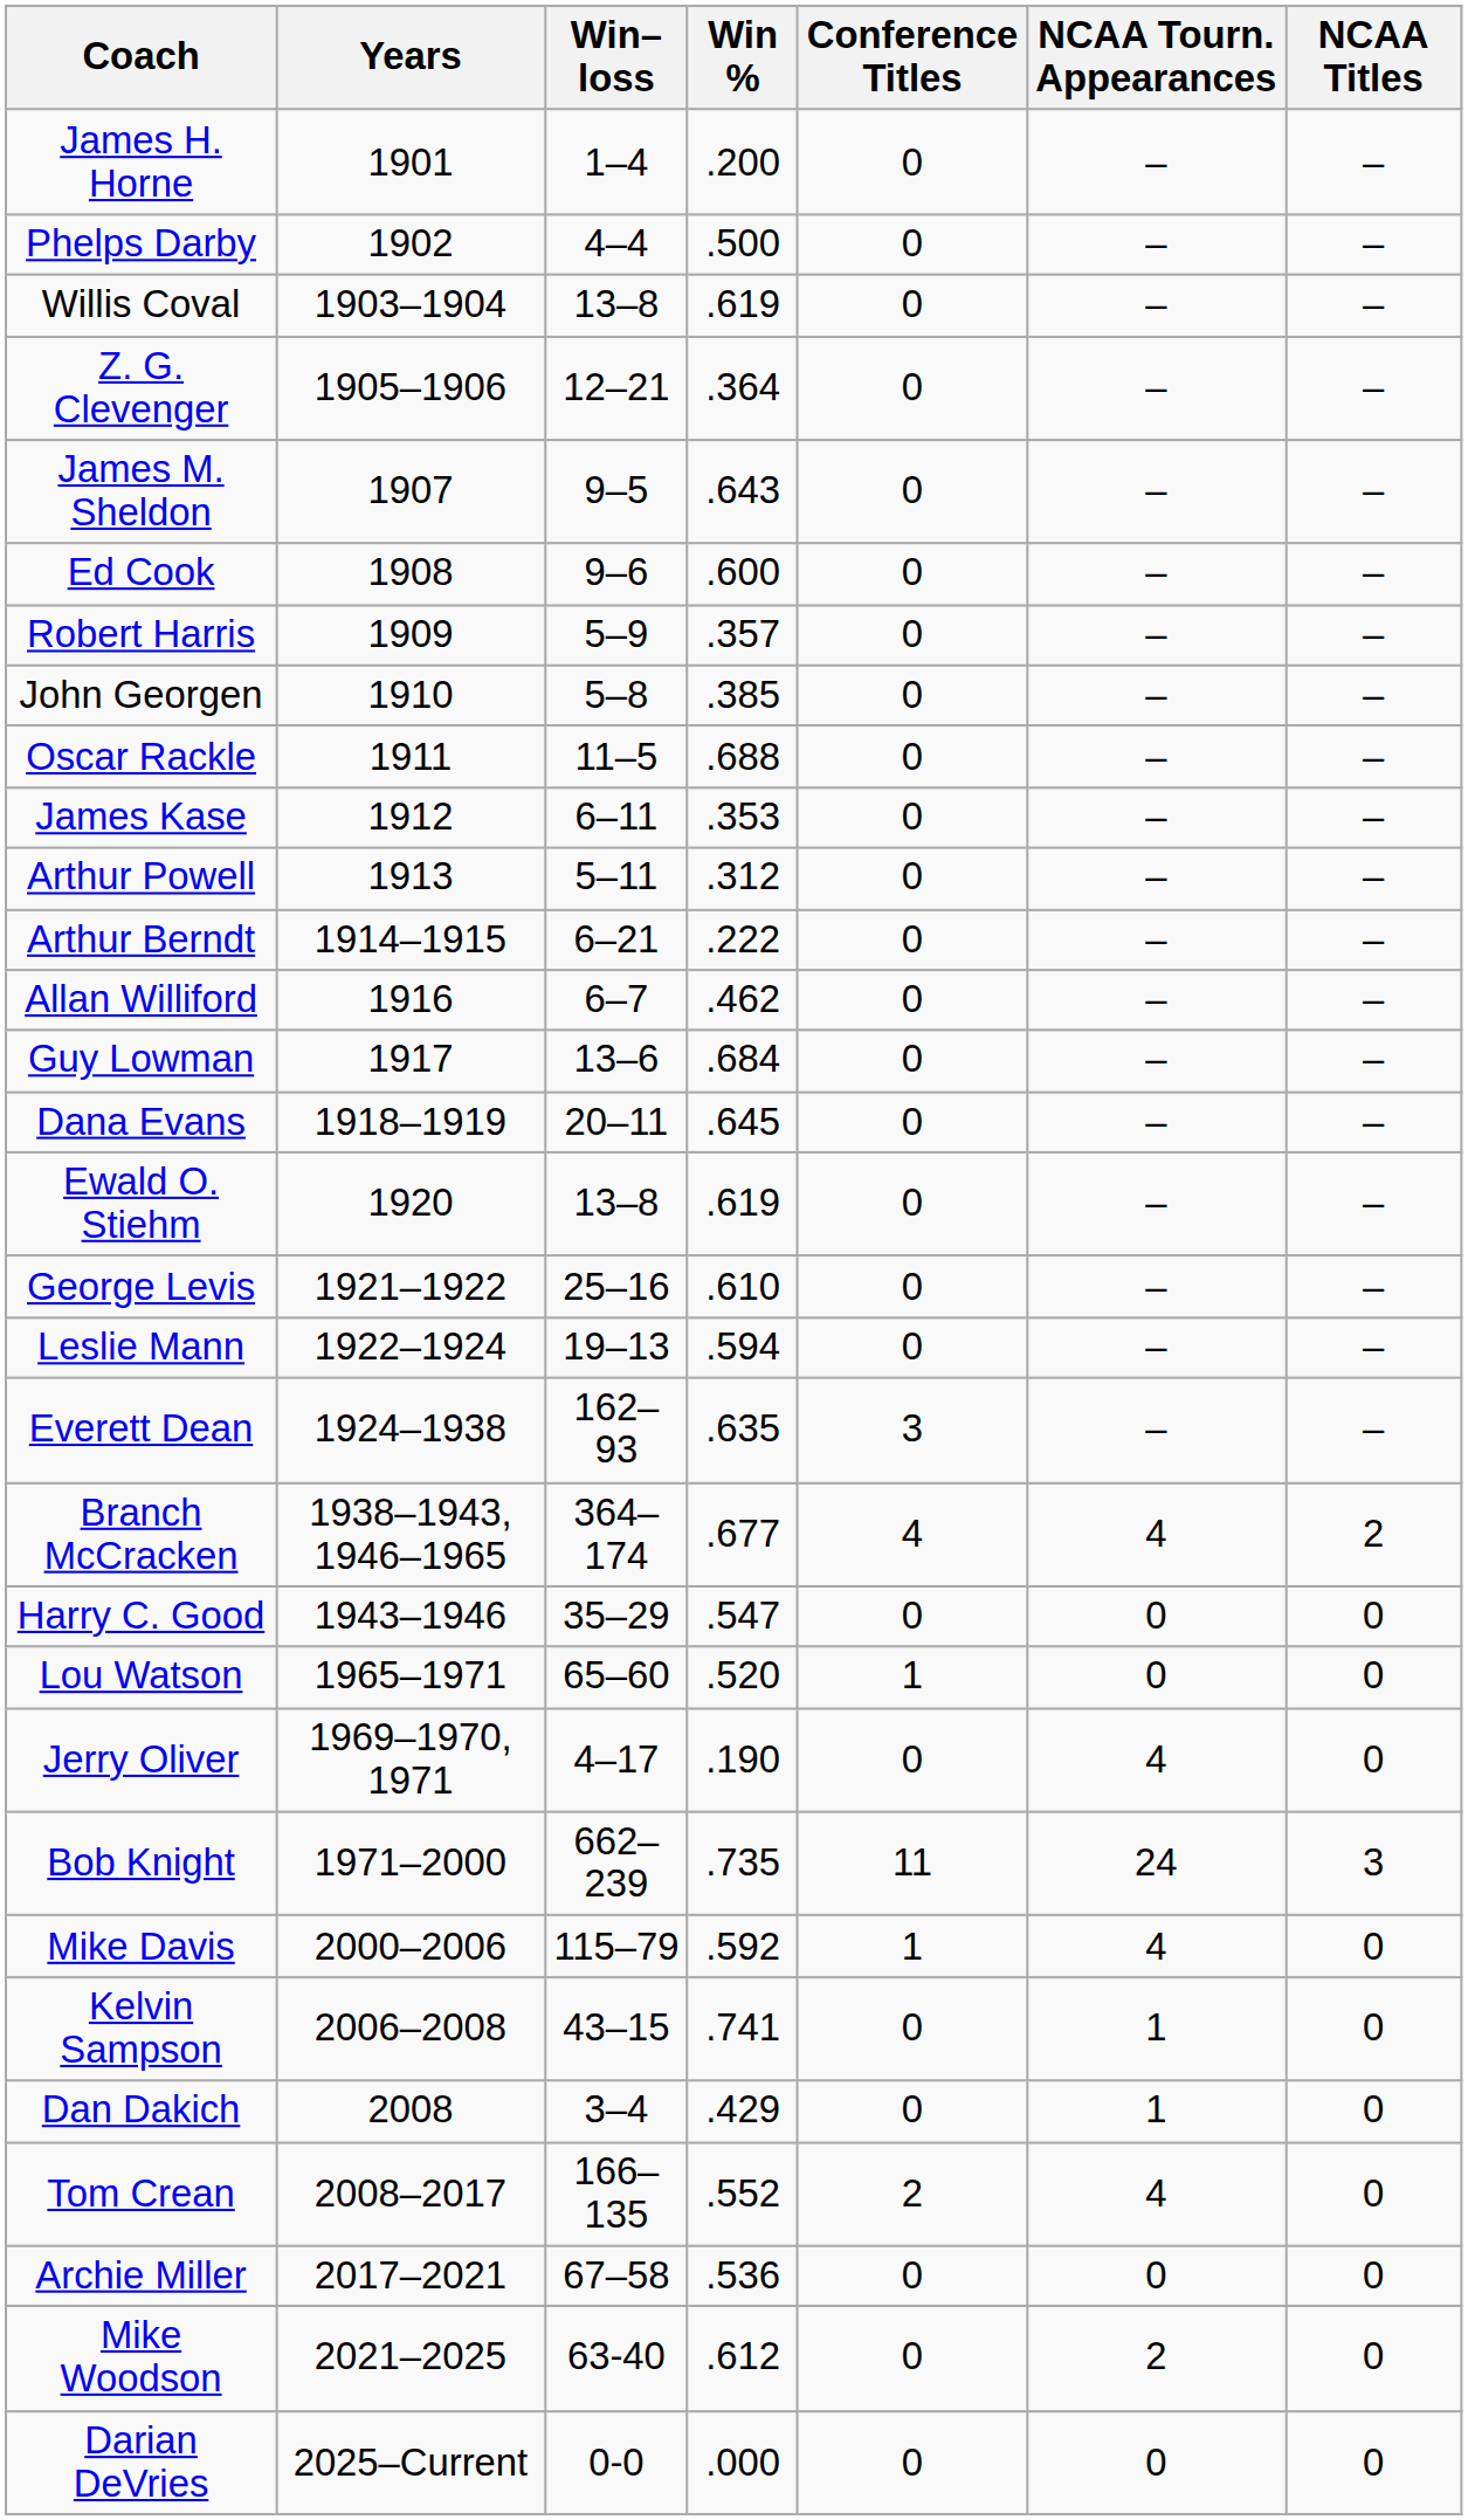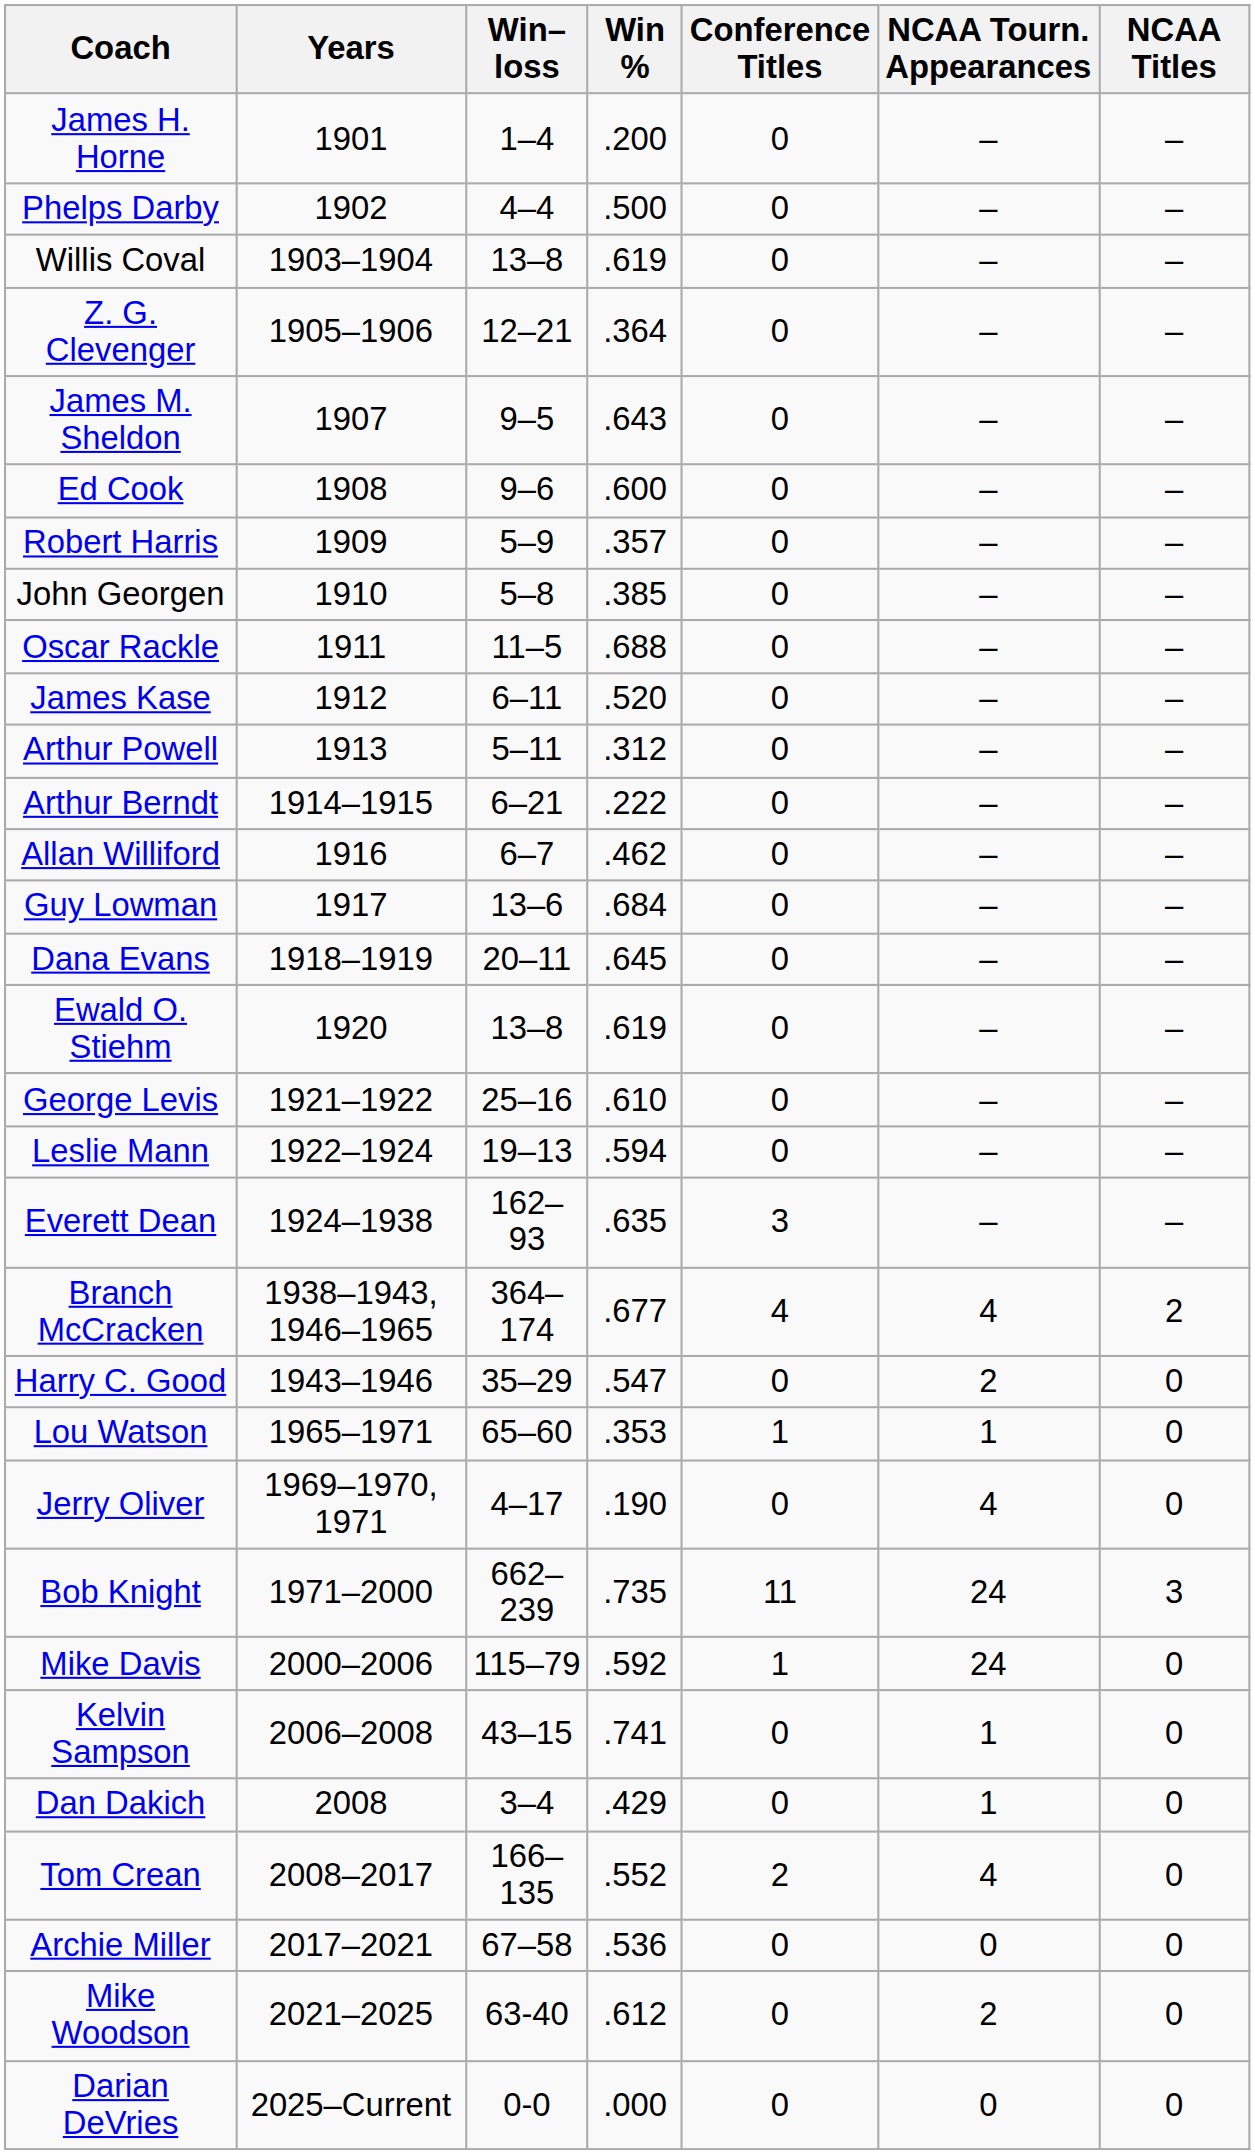 <table class="wikitable" style="text-align:center">
 <tr>
 <th>Coach</th>
 <th>Years</th>
 <th>Win–loss</th>
 <th>Win %</th>
 <th>Conference<br>Titles</th>
 <th>NCAA Tourn.<br>Appearances</th>
 <th>NCAA Titles</th>
 </tr>
 <tr>
 <td><a href='#'>James H. Horne</a></td>
 <td>1901</td>
 <td>1–4</td>
 <td>.200</td>
 <td>0</td>
 <td>–</td>
 <td>–</td>
 </tr>
 <tr>
 <td><a href='#'>Phelps Darby</a></td>
 <td>1902</td>
 <td>4–4</td>
 <td>.500</td>
 <td>0</td>
 <td>–</td>
 <td>–</td>
 </tr>
 <tr>
 <td>Willis Coval</td>
 <td>1903–1904</td>
 <td>13–8</td>
 <td>.619</td>
 <td>0</td>
 <td>–</td>
 <td>–</td>
 </tr>
 <tr>
 <td><a href='#'>Z. G. Clevenger</a></td>
 <td>1905–1906</td>
 <td>12–21</td>
 <td>.364</td>
 <td>0</td>
 <td>–</td>
 <td>–</td>
 </tr>
 <tr>
 <td><a href='#'>James M. Sheldon</a></td>
 <td>1907</td>
 <td>9–5</td>
 <td>.643</td>
 <td>0</td>
 <td>–</td>
 <td>–</td>
 </tr>
 <tr>
 <td><a href='#'>Ed Cook</a></td>
 <td>1908</td>
 <td>9–6</td>
 <td>.600</td>
 <td>0</td>
 <td>–</td>
 <td>–</td>
 </tr>
 <tr>
 <td><a href='#'>Robert Harris</a></td>
 <td>1909</td>
 <td>5–9</td>
 <td>.357</td>
 <td>0</td>
 <td>–</td>
 <td>–</td>
 </tr>
 <tr>
 <td>John Georgen</td>
 <td>1910</td>
 <td>5–8</td>
 <td>.385</td>
 <td>0</td>
 <td>–</td>
 <td>–</td>
 </tr>
 <tr>
 <td><a href='#'>Oscar Rackle</a></td>
 <td>1911</td>
 <td>11–5</td>
 <td>.688</td>
 <td>0</td>
 <td>–</td>
 <td>–</td>
 </tr>
 <tr>
 <td><a href='#'>James Kase</a></td>
 <td>1912</td>
 <td>6–11</td>
-<td>.353</td>
+<td>.520</td>
 <td>0</td>
 <td>–</td>
 <td>–</td>
 </tr>
 <tr>
 <td><a href='#'>Arthur Powell</a></td>
 <td>1913</td>
 <td>5–11</td>
 <td>.312</td>
 <td>0</td>
 <td>–</td>
 <td>–</td>
 </tr>
 <tr>
 <td><a href='#'>Arthur Berndt</a></td>
 <td>1914–1915</td>
 <td>6–21</td>
 <td>.222</td>
 <td>0</td>
 <td>–</td>
 <td>–</td>
 </tr>
 <tr>
 <td><a href='#'>Allan Williford</a></td>
 <td>1916</td>
 <td>6–7</td>
 <td>.462</td>
 <td>0</td>
 <td>–</td>
 <td>–</td>
 </tr>
 <tr>
 <td><a href='#'>Guy Lowman</a></td>
 <td>1917</td>
 <td>13–6</td>
 <td>.684</td>
 <td>0</td>
 <td>–</td>
 <td>–</td>
 </tr>
 <tr>
 <td><a href='#'>Dana Evans</a></td>
 <td>1918–1919</td>
 <td>20–11</td>
 <td>.645</td>
 <td>0</td>
 <td>–</td>
 <td>–</td>
 </tr>
 <tr>
 <td><a href='#'>Ewald O. Stiehm</a></td>
 <td>1920</td>
 <td>13–8</td>
 <td>.619</td>
 <td>0</td>
 <td>–</td>
 <td>–</td>
 </tr>
 <tr>
 <td><a href='#'>George Levis</a></td>
 <td>1921–1922</td>
 <td>25–16</td>
 <td>.610</td>
 <td>0</td>
 <td>–</td>
 <td>–</td>
 </tr>
 <tr>
 <td><a href='#'>Leslie Mann</a></td>
 <td>1922–1924</td>
 <td>19–13</td>
 <td>.594</td>
 <td>0</td>
 <td>–</td>
 <td>–</td>
 </tr>
 <tr>
 <td><a href='#'>Everett Dean</a></td>
 <td>1924–1938</td>
 <td>162–93</td>
 <td>.635</td>
 <td>3</td>
 <td>–</td>
 <td>–</td>
 </tr>
 <tr>
 <td><a href='#'>Branch McCracken</a></td>
 <td>1938–1943, 1946–1965</td>
 <td>364–174</td>
 <td>.677</td>
 <td>4</td>
 <td>4</td>
 <td>2</td>
 </tr>
 <tr>
 <td><a href='#'>Harry C. Good</a></td>
 <td>1943–1946</td>
 <td>35–29</td>
 <td>.547</td>
 <td>0</td>
-<td>0</td>
+<td>2</td>
 <td>0</td>
 </tr>
 <tr>
 <td><a href='#'>Lou Watson</a></td>
 <td>1965–1971</td>
 <td>65–60</td>
-<td>.520</td>
+<td>.353</td>
 <td>1</td>
-<td>0</td>
+<td>1</td>
 <td>0</td>
 </tr>
 <tr>
 <td><a href='#'>Jerry Oliver</a></td>
 <td>1969–1970, 1971</td>
 <td>4–17</td>
 <td>.190</td>
 <td>0</td>
 <td>4</td>
 <td>0</td>
 </tr>
 <tr>
 <td><a href='#'>Bob Knight</a></td>
 <td>1971–2000</td>
 <td>662–239</td>
 <td>.735</td>
 <td>11</td>
 <td>24</td>
 <td>3</td>
 </tr>
 <tr>
 <td><a href='#'>Mike Davis</a></td>
 <td>2000–2006</td>
 <td>115–79</td>
 <td>.592</td>
 <td>1</td>
-<td>4</td>
+<td>24</td>
 <td>0</td>
 </tr>
 <tr>
 <td><a href='#'>Kelvin Sampson</a></td>
 <td>2006–2008</td>
 <td>43–15</td>
 <td>.741</td>
 <td>0</td>
 <td>1</td>
 <td>0</td>
 </tr>
 <tr>
 <td><a href='#'>Dan Dakich</a></td>
 <td>2008</td>
 <td>3–4</td>
 <td>.429</td>
 <td>0</td>
 <td>1</td>
 <td>0</td>
 </tr>
 <tr>
 <td><a href='#'>Tom Crean</a></td>
 <td>2008–2017</td>
 <td>166–135</td>
 <td>.552</td>
 <td>2</td>
 <td>4</td>
 <td>0</td>
 </tr>
 <tr>
 <td><a href='#'>Archie Miller</a></td>
 <td>2017–2021</td>
 <td>67–58</td>
 <td>.536</td>
 <td>0</td>
 <td>0</td>
 <td>0</td>
 </tr>
 <tr>
 <td><a href='#'>Mike Woodson</a></td>
 <td>2021–2025</td>
 <td>63-40</td>
 <td>.612</td>
 <td>0</td>
 <td>2</td>
 <td>0</td>
 </tr>
 <tr>
 <td><a href='#'>Darian DeVries</a></td>
 <td>2025–Current</td>
 <td>0-0</td>
 <td>.000</td>
 <td>0</td>
 <td>0</td>
 <td>0</td>
 </tr>
 <tr>
 </tr>
 </table>
